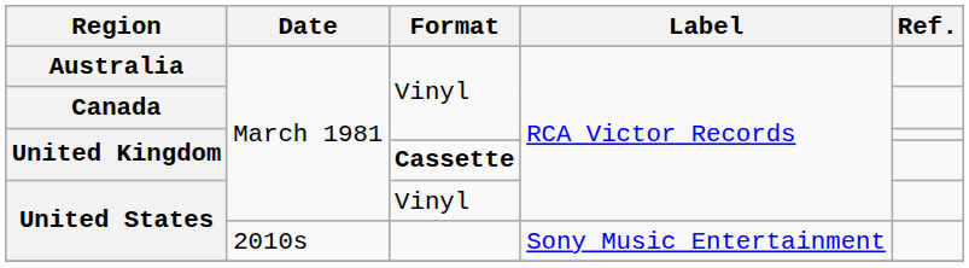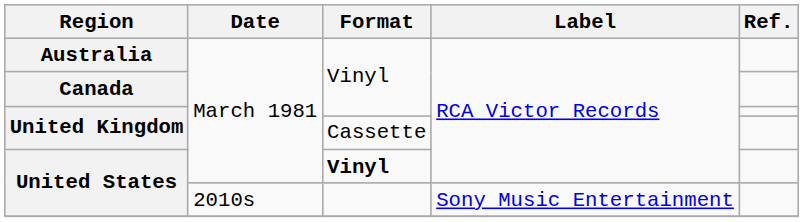 <table class="wikitable plainrowheaders">
 <tr>
 <th scope="col">Region</th>
 <th scope="col">Date</th>
 <th scope="col">Format</th>
 <th scope="col">Label</th>
 <th scope="col">Ref.</th>
 </tr>
 <tr>
 <th scope="row">Australia</th>
 <td rowspan="5">March 1981</td>
 <td rowspan="3">Vinyl</td>
 <td rowspan="5"><a href='#'>RCA Victor Records</a></td>
 <td></td>
 </tr>
 <tr>
 <th scope="row">Canada</th>
 <td></td>
 </tr>
 <tr>
 <th scope="row" rowspan="2">United Kingdom</th>
 <td></td>
 </tr>
 <tr>
-<td><strong>Cassette</strong></td>
+<td>Cassette</td>
 <td></td>
 </tr>
 <tr>
 <th scope="row" rowspan="2">United States</th>
-<td>Vinyl</td>
+<td><strong>Vinyl</strong></td>
 <td></td>
 </tr>
 <tr>
 <td>2010s</td>
 <td></td>
 <td><a href='#'>Sony Music Entertainment</a></td>
 <td></td>
 </tr>
 <tr>
 </tr>
 </table>
